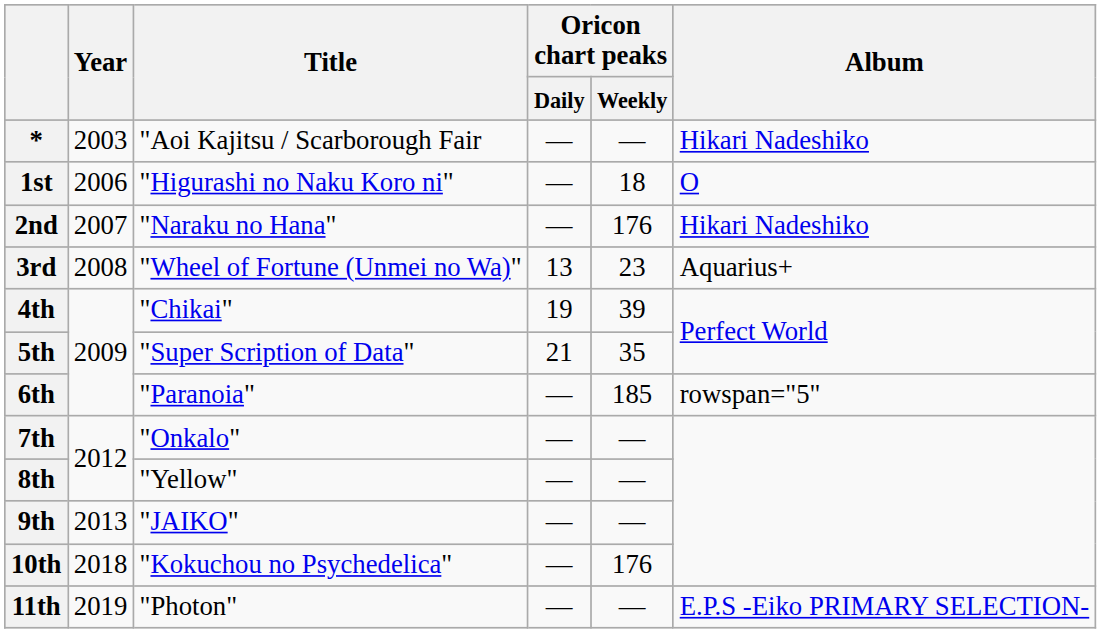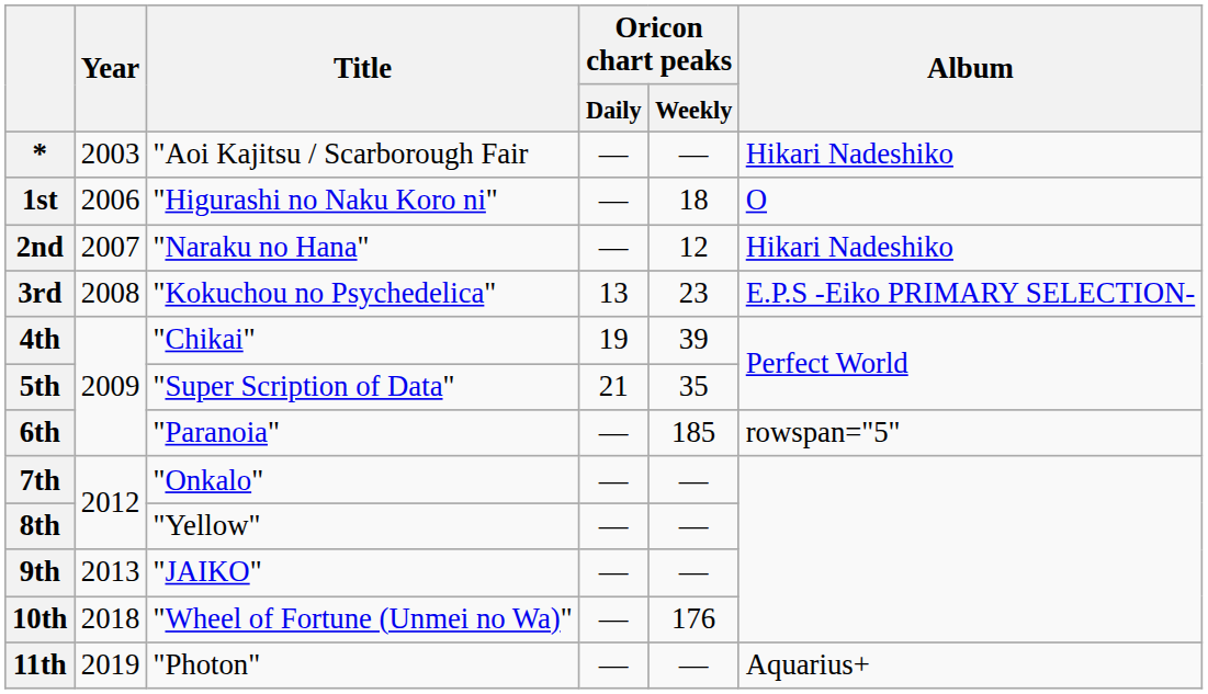 <table class="wikitable">
 <tr>
 <th rowspan="2"></th>
 <th rowspan="2">Year</th>
 <th rowspan="2">Title</th>
 <th colspan="2">Oricon chart peaks</th>
 <th rowspan="2">Album</th>
 </tr>
 <tr>
 <th width="30"><small>Daily</small></th>
 <th width="30"><small>Weekly</small></th>
 </tr>
 <tr>
 <th>*</th>
 <td rowspan="1">2003</td>
 <td>"Aoi Kajitsu / Scarborough Fair<em></td>
 <td align="center">—</td>
 <td align="center">—</td>
 <td></em><a href='#'>Hikari Nadeshiko</a><em></td>
 </tr>
 <tr>
 <th>1st</th>
 <td>2006</td>
 <td>"<a href='#'>Higurashi no Naku Koro ni</a>"</td>
 <td align="center">—</td>
 <td align="center">18</td>
 <td></em><a href='#'>O</a><em></td>
 </tr>
 <tr>
 <th>2nd</th>
 <td>2007</td>
 <td>"<a href='#'>Naraku no Hana</a>"</td>
 <td align="center">—</td>
-<td align="center">176</td>
+<td align="center">12</td>
 <td></em><a href='#'>Hikari Nadeshiko</a><em></td>
 </tr>
 <tr>
 <th>3rd</th>
 <td>2008</td>
-<td>"<a href='#'>Wheel of Fortune (Unmei no Wa)</a>"</td>
+<td>"<a href='#'>Kokuchou no Psychedelica</a>"</td>
 <td align="center">13</td>
 <td align="center">23</td>
-<td></em>Aquarius+<em></td>
+<td></em><a href='#'>E.P.S -Eiko PRIMARY SELECTION-</a><em></td>
 </tr>
 <tr>
 <th>4th</th>
 <td rowspan="3">2009</td>
 <td>"<a href='#'>Chikai</a>"</td>
 <td align="center">19</td>
 <td align="center">39</td>
 <td rowspan="2"></em><a href='#'>Perfect World</a><em></td>
 </tr>
 <tr>
 <th>5th</th>
 <td>"<a href='#'>Super Scription of Data</a>"</td>
 <td align="center">21</td>
 <td align="center">35</td>
 </tr>
 <tr>
 <th>6th</th>
 <td>"<a href='#'>Paranoia</a>"</td>
 <td align="center">—</td>
 <td align="center">185</td>
 <td>rowspan="5" </td>
 </tr>
 <tr>
 <th>7th</th>
 <td rowspan="2">2012</td>
 <td>"<a href='#'>Onkalo</a>"</td>
 <td align="center">—</td>
 <td align="center">—</td>
 </tr>
 <tr>
 <th>8th</th>
 <td>"Yellow"</td>
 <td align="center">—</td>
 <td align="center">—</td>
 </tr>
 <tr>
 <th>9th</th>
 <td rowspan="1">2013</td>
 <td>"<a href='#'>JAIKO</a>"</td>
 <td align="center">—</td>
 <td align="center">—</td>
 </tr>
 <tr>
 <th>10th</th>
 <td rowspan="1">2018</td>
-<td>"<a href='#'>Kokuchou no Psychedelica</a>"</td>
+<td>"<a href='#'>Wheel of Fortune (Unmei no Wa)</a>"</td>
 <td align="center">—</td>
 <td align="center">176</td>
 </tr>
 <tr>
 <th>11th</th>
 <td rowspan="1">2019</td>
 <td>"Photon"</td>
 <td align="center">—</td>
 <td align="center">—</td>
-<td></em><a href='#'>E.P.S -Eiko PRIMARY SELECTION-</a><em></td>
+<td></em>Aquarius+<em></td>
 </tr>
 </table>
